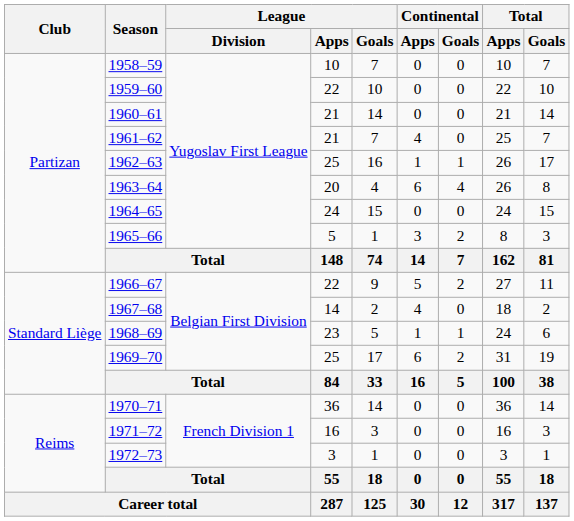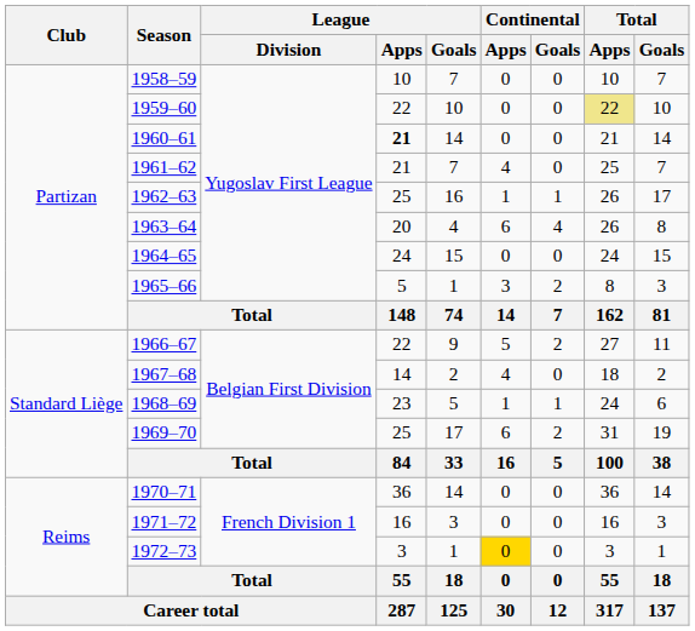 <table class="wikitable" style="text-align:center">
 <tr>
 <th rowspan="2">Club</th>
 <th rowspan="2">Season</th>
 <th colspan="3">League</th>
 <th colspan="2">Continental</th>
 <th colspan="2">Total</th>
 </tr>
 <tr>
 <th>Division</th>
 <th>Apps</th>
 <th>Goals</th>
 <th>Apps</th>
 <th>Goals</th>
 <th>Apps</th>
 <th>Goals</th>
 </tr>
 <tr>
 <td rowspan="9"><a href='#'>Partizan</a></td>
 <td><a href='#'>1958–59</a></td>
 <td rowspan="8"><a href='#'>Yugoslav First League</a></td>
 <td>10</td>
 <td>7</td>
 <td>0</td>
 <td>0</td>
 <td>10</td>
 <td>7</td>
 </tr>
 <tr>
 <td><a href='#'>1959–60</a></td>
 <td>22</td>
 <td>10</td>
 <td>0</td>
 <td>0</td>
-<td>22</td>
+<td style="background: khaki;">22</td>
 <td>10</td>
 </tr>
 <tr>
 <td><a href='#'>1960–61</a></td>
-<td>21</td>
+<td><strong>21</strong></td>
 <td>14</td>
 <td>0</td>
 <td>0</td>
 <td>21</td>
 <td>14</td>
 </tr>
 <tr>
 <td><a href='#'>1961–62</a></td>
 <td>21</td>
 <td>7</td>
 <td>4</td>
 <td>0</td>
 <td>25</td>
 <td>7</td>
 </tr>
 <tr>
 <td><a href='#'>1962–63</a></td>
 <td>25</td>
 <td>16</td>
 <td>1</td>
 <td>1</td>
 <td>26</td>
 <td>17</td>
 </tr>
 <tr>
 <td><a href='#'>1963–64</a></td>
 <td>20</td>
 <td>4</td>
 <td>6</td>
 <td>4</td>
 <td>26</td>
 <td>8</td>
 </tr>
 <tr>
 <td><a href='#'>1964–65</a></td>
 <td>24</td>
 <td>15</td>
 <td>0</td>
 <td>0</td>
 <td>24</td>
 <td>15</td>
 </tr>
 <tr>
 <td><a href='#'>1965–66</a></td>
 <td>5</td>
 <td>1</td>
 <td>3</td>
 <td>2</td>
 <td>8</td>
 <td>3</td>
 </tr>
 <tr>
 <th colspan="2">Total</th>
 <th>148</th>
 <th>74</th>
 <th>14</th>
 <th>7</th>
 <th>162</th>
 <th>81</th>
 </tr>
 <tr>
 <td rowspan="5"><a href='#'>Standard Liège</a></td>
 <td><a href='#'>1966–67</a></td>
 <td rowspan="4"><a href='#'>Belgian First Division</a></td>
 <td>22</td>
 <td>9</td>
 <td>5</td>
 <td>2</td>
 <td>27</td>
 <td>11</td>
 </tr>
 <tr>
 <td><a href='#'>1967–68</a></td>
 <td>14</td>
 <td>2</td>
 <td>4</td>
 <td>0</td>
 <td>18</td>
 <td>2</td>
 </tr>
 <tr>
 <td><a href='#'>1968–69</a></td>
 <td>23</td>
 <td>5</td>
 <td>1</td>
 <td>1</td>
 <td>24</td>
 <td>6</td>
 </tr>
 <tr>
 <td><a href='#'>1969–70</a></td>
 <td>25</td>
 <td>17</td>
 <td>6</td>
 <td>2</td>
 <td>31</td>
 <td>19</td>
 </tr>
 <tr>
 <th colspan="2">Total</th>
 <th>84</th>
 <th>33</th>
 <th>16</th>
 <th>5</th>
 <th>100</th>
 <th>38</th>
 </tr>
 <tr>
 <td rowspan="4"><a href='#'>Reims</a></td>
 <td><a href='#'>1970–71</a></td>
 <td rowspan="3"><a href='#'>French Division 1</a></td>
 <td>36</td>
 <td>14</td>
 <td>0</td>
 <td>0</td>
 <td>36</td>
 <td>14</td>
 </tr>
 <tr>
 <td><a href='#'>1971–72</a></td>
 <td>16</td>
 <td>3</td>
 <td>0</td>
 <td>0</td>
 <td>16</td>
 <td>3</td>
 </tr>
 <tr>
 <td><a href='#'>1972–73</a></td>
 <td>3</td>
 <td>1</td>
-<td>0</td>
+<td style="background: gold;">0</td>
 <td>0</td>
 <td>3</td>
 <td>1</td>
 </tr>
 <tr>
 <th colspan="2">Total</th>
 <th>55</th>
 <th>18</th>
 <th>0</th>
 <th>0</th>
 <th>55</th>
 <th>18</th>
 </tr>
 <tr>
 <th colspan="3">Career total</th>
 <th>287</th>
 <th>125</th>
 <th>30</th>
 <th>12</th>
 <th>317</th>
 <th>137</th>
 </tr>
 </table>
